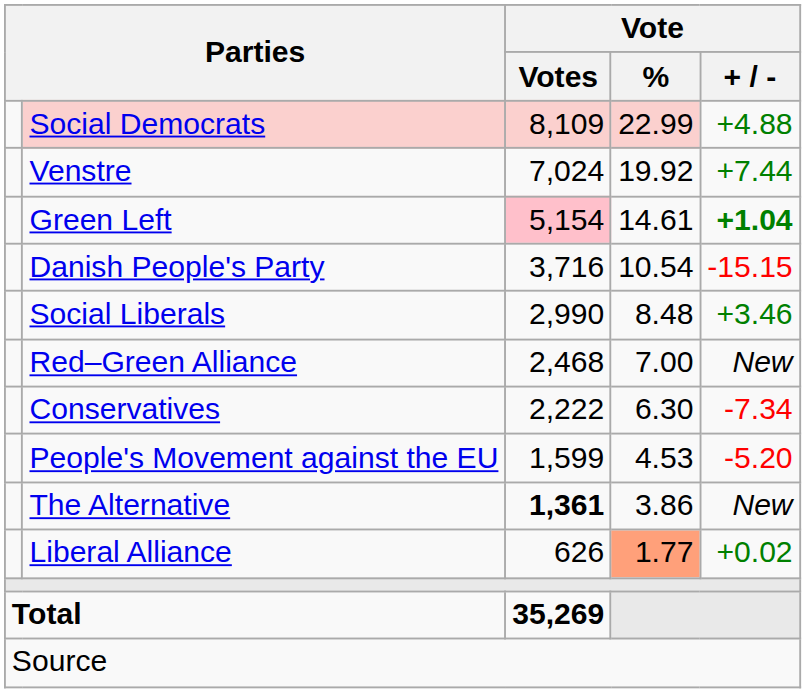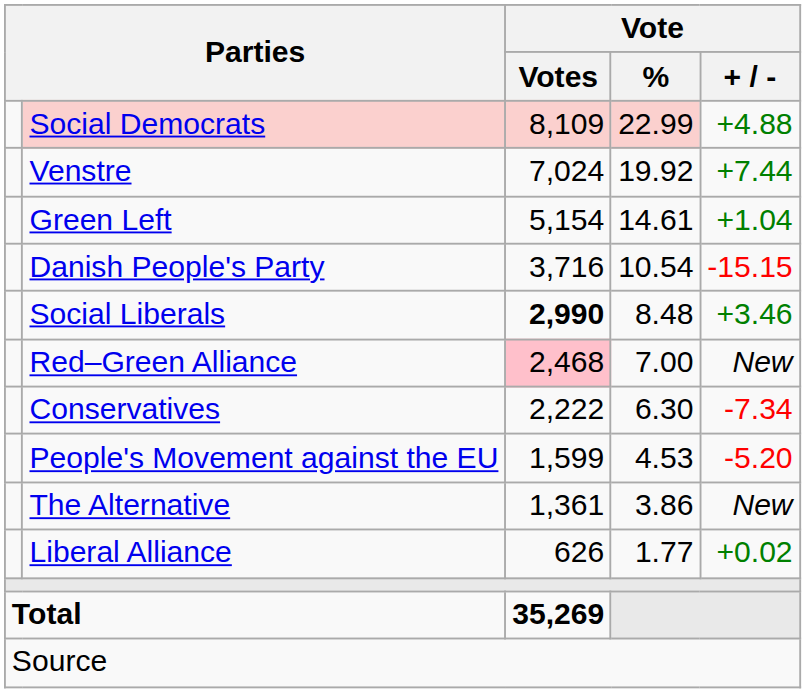 <table class="wikitable" style="text-align:right;">
 <tr>
 <th style="text-align:centre;" rowspan="2" colspan="2" width="225">Parties</th>
 <th colspan="3">Vote</th>
 </tr>
 <tr>
 <th width="15">Votes</th>
 <th width="15">%</th>
 <th width="15">+ / -</th>
 </tr>
 <tr>
 <td width="2" style="color:inherit;background:"></td>
 <td bgcolor=#fbd0ce   align="left"><a href='#'>Social Democrats</a></td>
 <td bgcolor=#fbd0ce>8,109</td>
 <td bgcolor=#fbd0ce>22.99</td>
 <td style=color:green;>+4.88</td>
 </tr>
 <tr>
 <td width="2" style="color:inherit;background:"></td>
 <td align="left"><a href='#'>Venstre</a></td>
 <td>7,024</td>
 <td>19.92</td>
 <td style=color:green;>+7.44</td>
 </tr>
 <tr>
 <td width="2" style="color:inherit;background:"></td>
 <td align="left"><a href='#'>Green Left</a></td>
-<td style="background: pink;">5,154</td>
+<td>5,154</td>
 <td>14.61</td>
-<td style=color:green;><strong>+1.04</strong></td>
+<td style=color:green;>+1.04</td>
 </tr>
 <tr>
 <td width="2" style="color:inherit;background:"></td>
 <td align="left"><a href='#'>Danish People's Party</a></td>
 <td>3,716</td>
 <td>10.54</td>
 <td style=color:red;>-15.15</td>
 </tr>
 <tr>
 <td width="2" style="color:inherit;background:"></td>
 <td align="left"><a href='#'>Social Liberals</a></td>
-<td>2,990</td>
+<td><strong>2,990</strong></td>
 <td>8.48</td>
 <td style=color:green;>+3.46</td>
 </tr>
 <tr>
 <td width="2" style="color:inherit;background:"></td>
 <td align="left"><a href='#'>Red–Green Alliance</a></td>
-<td>2,468</td>
+<td style="background: pink;">2,468</td>
 <td>7.00</td>
 <td><em>New</em></td>
 </tr>
 <tr>
 <td width="2" style="color:inherit;background:"></td>
 <td align="left"><a href='#'>Conservatives</a></td>
 <td>2,222</td>
 <td>6.30</td>
 <td style=color:red;>-7.34</td>
 </tr>
 <tr>
 <td width="2" style="color:inherit;background:"></td>
 <td align="left"><a href='#'>People's Movement against the EU</a></td>
 <td>1,599</td>
 <td>4.53</td>
 <td style=color:red;>-5.20</td>
 </tr>
 <tr>
 <td width="2" style="color:inherit;background:"></td>
 <td align="left"><a href='#'>The Alternative</a></td>
-<td><strong>1,361</strong></td>
+<td>1,361</td>
 <td>3.86</td>
 <td><em>New</em></td>
 </tr>
 <tr>
 <td width="2" style="color:inherit;background:"></td>
 <td align="left"><a href='#'>Liberal Alliance</a></td>
 <td>626</td>
-<td style="background: lightsalmon;">1.77</td>
+<td>1.77</td>
 <td style=color:green;>+0.02</td>
 </tr>
 <tr>
 <td colspan="7" bgcolor="#E9E9E9"></td>
 </tr>
 <tr>
 <td align="left" colspan="2"><strong>Total</strong></td>
 <td><strong>35,269</strong></td>
 <td bgcolor="#E9E9E9" colspan="2"></td>
 </tr>
 <tr>
 <td align="left" colspan="6">Source</td>
 </tr>
 </table>
